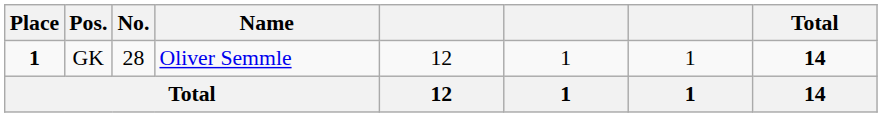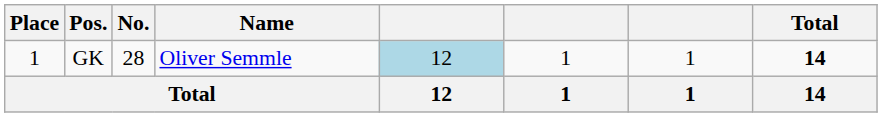 <table class="wikitable sortable" style="font-size: 95%; text-align: center;">
 <tr>
 <th width=20>Place</th>
 <th width=20>Pos.</th>
 <th width=20>No.</th>
 <th width=150>Name</th>
 <th width=80></th>
 <th width=80></th>
 <th width=80></th>
 <th width=80><strong>Total</strong></th>
 </tr>
 <tr>
-<td><strong>1</strong></td>
+<td>1</td>
 <td>GK</td>
 <td>28</td>
 <td align="left"> <a href='#'>Oliver Semmle</a></td>
-<td>12</td>
+<td style="background: lightblue;">12</td>
 <td>1</td>
 <td>1</td>
 <td><strong>14</strong></td>
 </tr>
 <tr>
 <th colspan="4">Total</th>
 <th>12</th>
 <th>1</th>
 <th>1</th>
 <th>14</th>
 </tr>
 </table>
